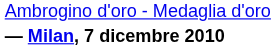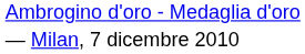 <table>
 <tr>
 <td rowspan=2 style="width:60px; vertical-align:top;"></td>
 <td><a href='#'>Ambrogino d'oro - Medaglia d'oro</a></td>
 </tr>
 <tr>
-<td><strong>— <a href='#'>Milan</a>, 7 dicembre 2010</strong></td>
+<td>— <a href='#'>Milan</a>, 7 dicembre 2010</td>
 </tr>
 </table>
